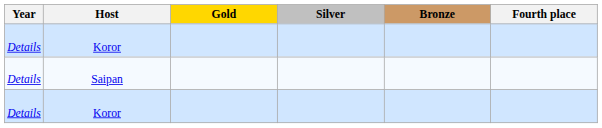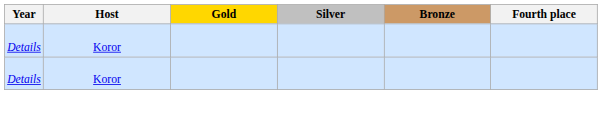 <table class="wikitable" style="font-size: 90%; text-align: center;">
 <tr>
 <th width="30">Year</th>
 <th width="150">Host</th>
 <th width="125" style="background: gold;">Gold</th>
 <th width="125" style="background: silver;">Silver</th>
 <th width="125" style="background: #cc9966;">Bronze</th>
 <th width="125" style="background:">Fourth place</th>
 </tr>
 <tr style="background: #D0E6FF;">
 <td><br><em><a href='#'>Details</a></em></td>
 <td><br><a href='#'>Koror</a></td>
 <td><strong></strong></td>
 <td></td>
 <td></td>
 <td></td>
 </tr>
-<tr style="background: #F5FAFF;">
-<td><br><em><a href='#'>Details</a></em></td>
-<td><br><a href='#'>Saipan</a></td>
-<td><strong></strong></td>
-<td></td>
-<td></td>
-<td></td>
-</tr>
 <tr style="background: #D0E6FF;">
 <td><br><em><a href='#'>Details</a></em></td>
 <td><br><a href='#'>Koror</a></td>
 <td></td>
 <td></td>
 <td></td>
 <td></td>
 </tr>
 </table>
